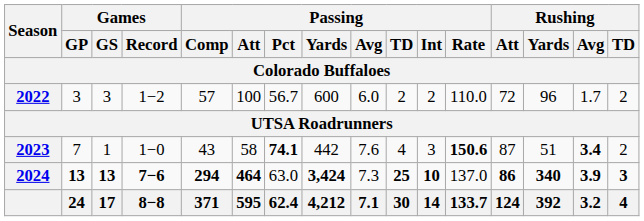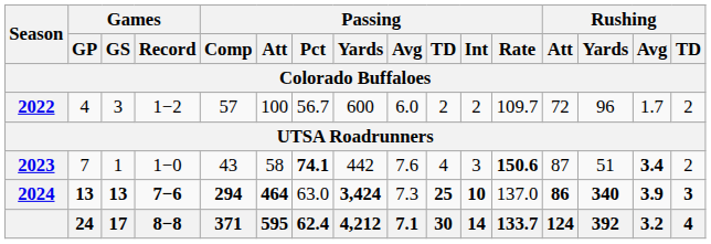 <table class="wikitable" style="text-align:center;">
 <tr>
 <th rowspan="2">Season</th>
 <th colspan="3">Games</th>
 <th colspan="8">Passing</th>
 <th colspan="5">Rushing</th>
 </tr>
 <tr>
 <th>GP</th>
 <th>GS</th>
 <th>Record</th>
 <th>Comp</th>
 <th>Att</th>
 <th>Pct</th>
 <th>Yards</th>
 <th>Avg</th>
 <th>TD</th>
 <th>Int</th>
 <th>Rate</th>
 <th>Att</th>
 <th>Yards</th>
 <th>Avg</th>
 <th>TD</th>
 </tr>
 <tr>
 <th colspan="16">Colorado Buffaloes</th>
 </tr>
 <tr>
 <th><a href='#'>2022</a></th>
-<td>3</td>
+<td>4</td>
 <td>3</td>
 <td>1−2</td>
 <td>57</td>
 <td>100</td>
 <td>56.7</td>
 <td>600</td>
 <td>6.0</td>
 <td>2</td>
 <td>2</td>
-<td>110.0</td>
+<td>109.7</td>
 <td>72</td>
 <td>96</td>
 <td>1.7</td>
 <td>2</td>
 </tr>
 <tr>
 <th colspan="16">UTSA Roadrunners</th>
 </tr>
 <tr>
 <th><a href='#'>2023</a></th>
 <td>7</td>
 <td>1</td>
 <td>1−0</td>
 <td>43</td>
 <td>58</td>
 <td><strong>74.1</strong></td>
 <td>442</td>
 <td>7.6</td>
 <td>4</td>
 <td>3</td>
 <td><strong>150.6</strong></td>
 <td>87</td>
 <td>51</td>
 <td><strong>3.4</strong></td>
 <td>2</td>
 </tr>
 <tr>
 <th><a href='#'>2024</a></th>
 <td><strong>13</strong></td>
 <td><strong>13</strong></td>
 <td><strong>7−6</strong></td>
 <td><strong>294</strong></td>
 <td><strong>464</strong></td>
 <td>63.0</td>
 <td><strong>3,424</strong></td>
 <td>7.3</td>
 <td><strong>25</strong></td>
 <td><strong>10</strong></td>
 <td>137.0</td>
 <td><strong>86</strong></td>
 <td><strong>340</strong></td>
 <td><strong>3.9</strong></td>
 <td><strong>3</strong></td>
 </tr>
 <tr>
 <th></th>
 <th>24</th>
 <th>17</th>
 <th>8−8</th>
 <th>371</th>
 <th>595</th>
 <th>62.4</th>
 <th>4,212</th>
 <th>7.1</th>
 <th>30</th>
 <th>14</th>
 <th>133.7</th>
 <th>124</th>
 <th>392</th>
 <th>3.2</th>
 <th>4</th>
 </tr>
 </table>
